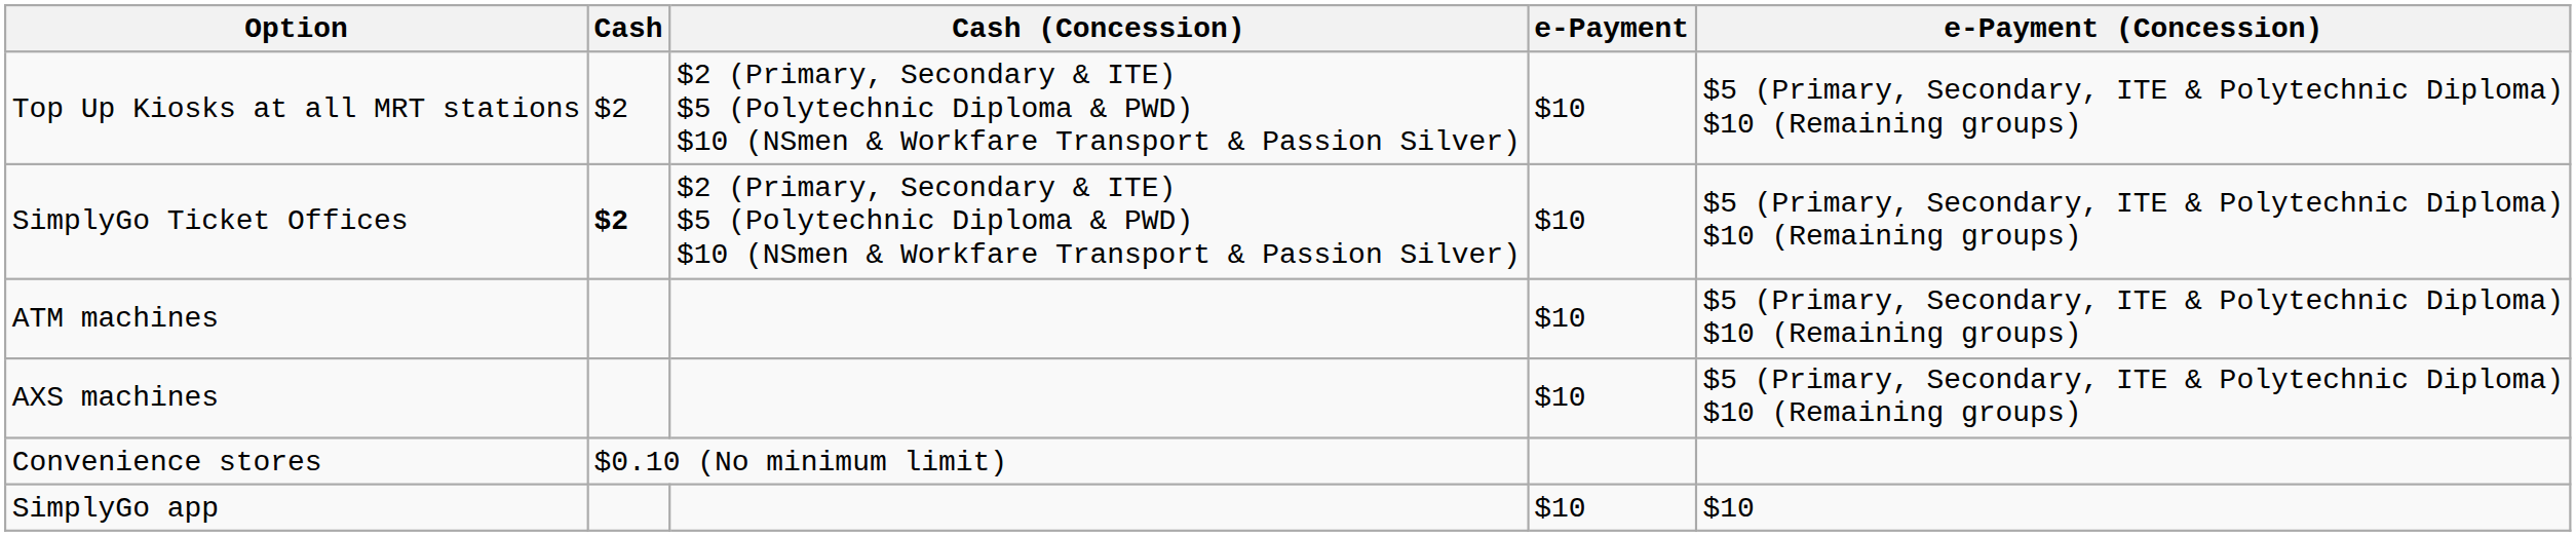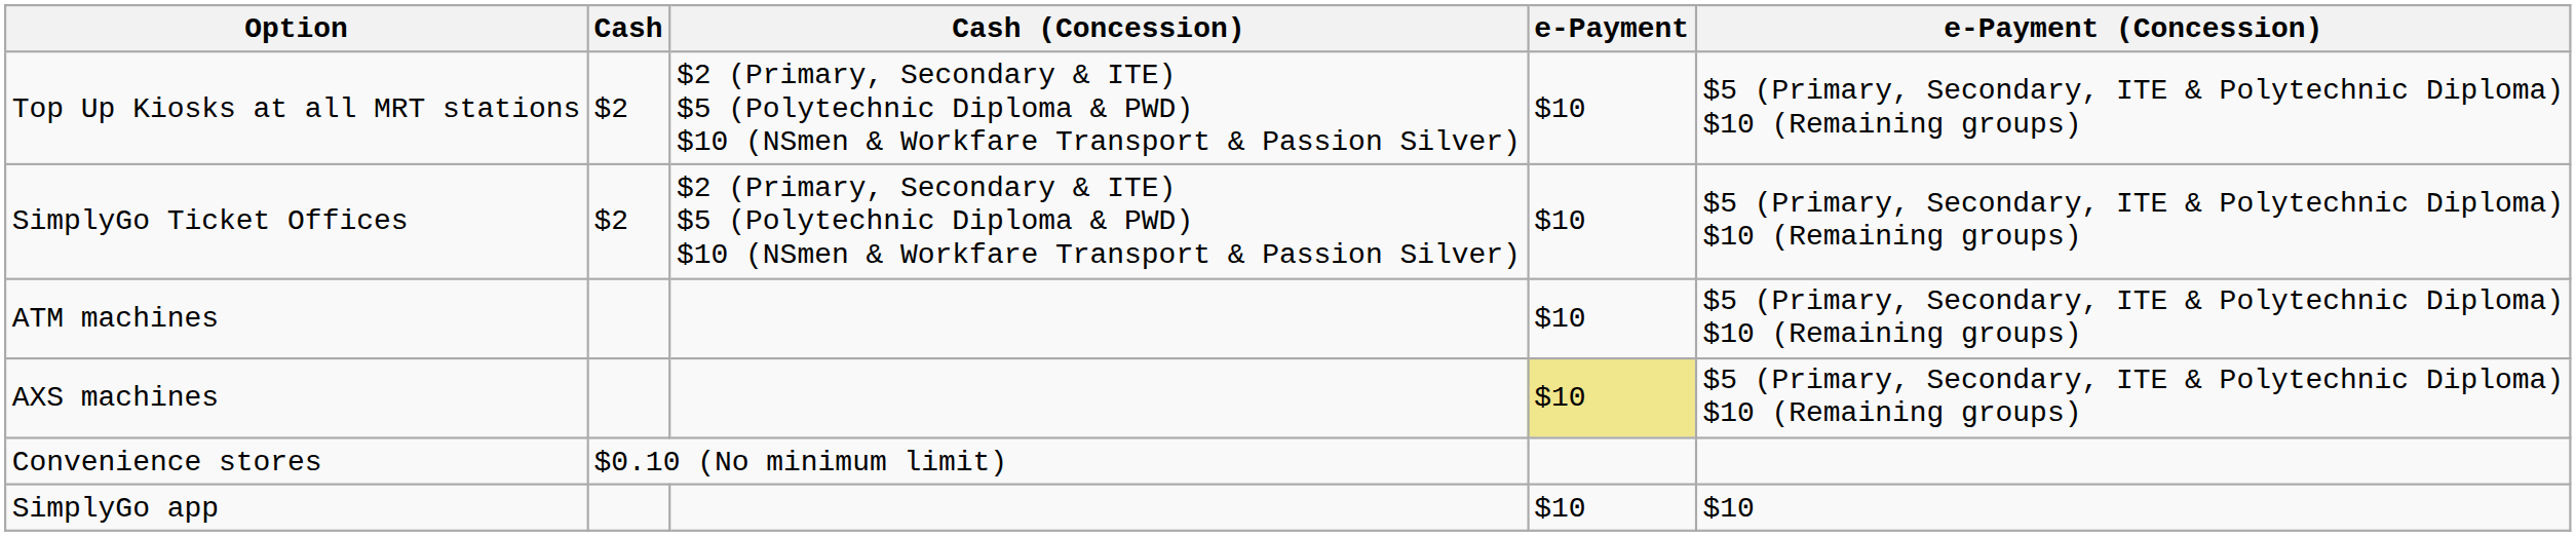 <table class="wikitable">
 <tr>
 <th>Option</th>
 <th>Cash</th>
 <th>Cash (Concession)</th>
 <th>e-Payment</th>
 <th>e-Payment (Concession)</th>
 </tr>
 <tr>
 <td>Top Up Kiosks at all MRT stations</td>
 <td>$2</td>
 <td>$2 (Primary, Secondary & ITE)<br>$5 (Polytechnic Diploma & PWD)<br>$10 (NSmen & Workfare Transport & Passion Silver)</td>
 <td>$10</td>
 <td>$5 (Primary, Secondary, ITE & Polytechnic Diploma)<br>$10 (Remaining groups)</td>
 </tr>
 <tr>
 <td>SimplyGo Ticket Offices</td>
-<td><strong>$2</strong></td>
+<td>$2</td>
 <td>$2 (Primary, Secondary & ITE)<br>$5 (Polytechnic Diploma & PWD)<br>$10 (NSmen & Workfare Transport & Passion Silver)</td>
 <td>$10</td>
 <td>$5 (Primary, Secondary, ITE & Polytechnic Diploma)<br>$10 (Remaining groups)</td>
 </tr>
 <tr>
 <td>ATM machines</td>
 <td></td>
 <td></td>
 <td>$10</td>
 <td>$5 (Primary, Secondary, ITE & Polytechnic Diploma)<br>$10 (Remaining groups)</td>
 </tr>
 <tr>
 <td>AXS machines</td>
 <td></td>
 <td></td>
-<td>$10</td>
+<td style="background: khaki;">$10</td>
 <td>$5 (Primary, Secondary, ITE & Polytechnic Diploma)<br>$10 (Remaining groups)</td>
 </tr>
 <tr>
 <td>Convenience stores</td>
 <td colspan="2">$0.10 (No minimum limit)</td>
 <td></td>
 <td></td>
 </tr>
 <tr>
 <td>SimplyGo app</td>
 <td></td>
 <td></td>
 <td>$10</td>
 <td>$10</td>
 </tr>
 </table>
